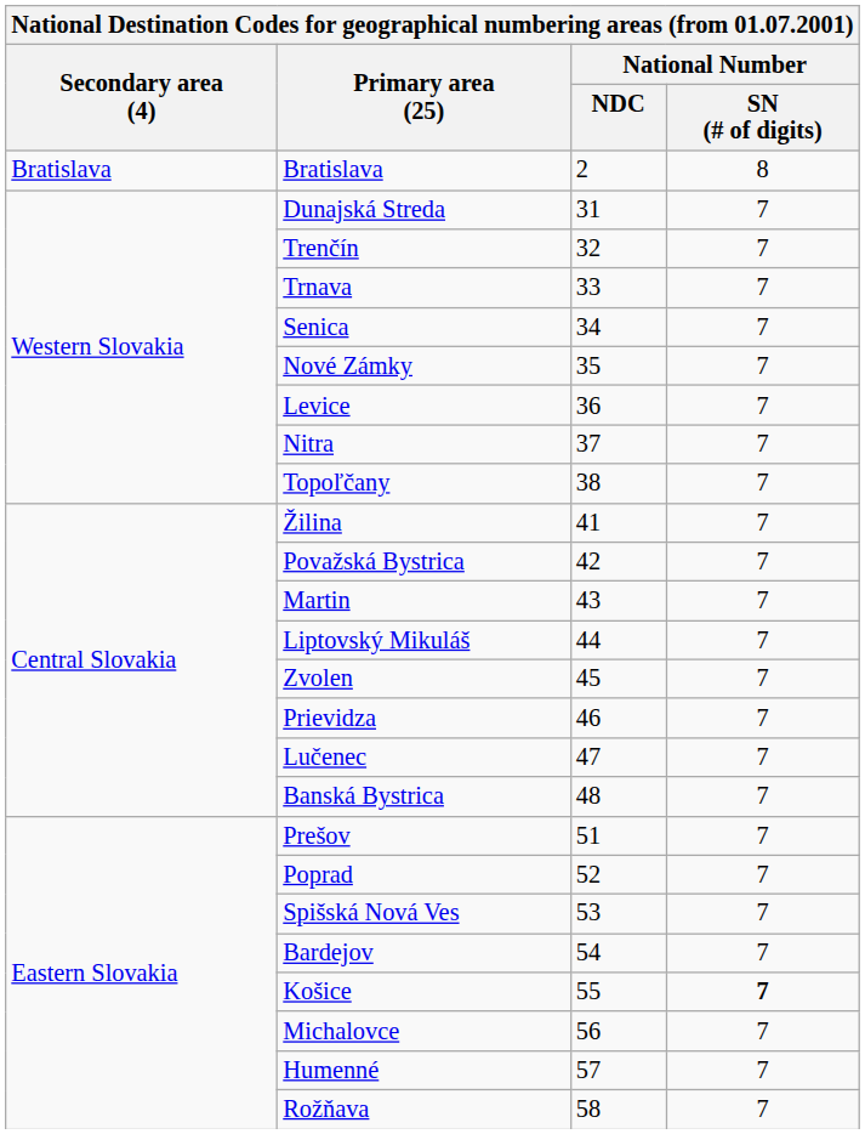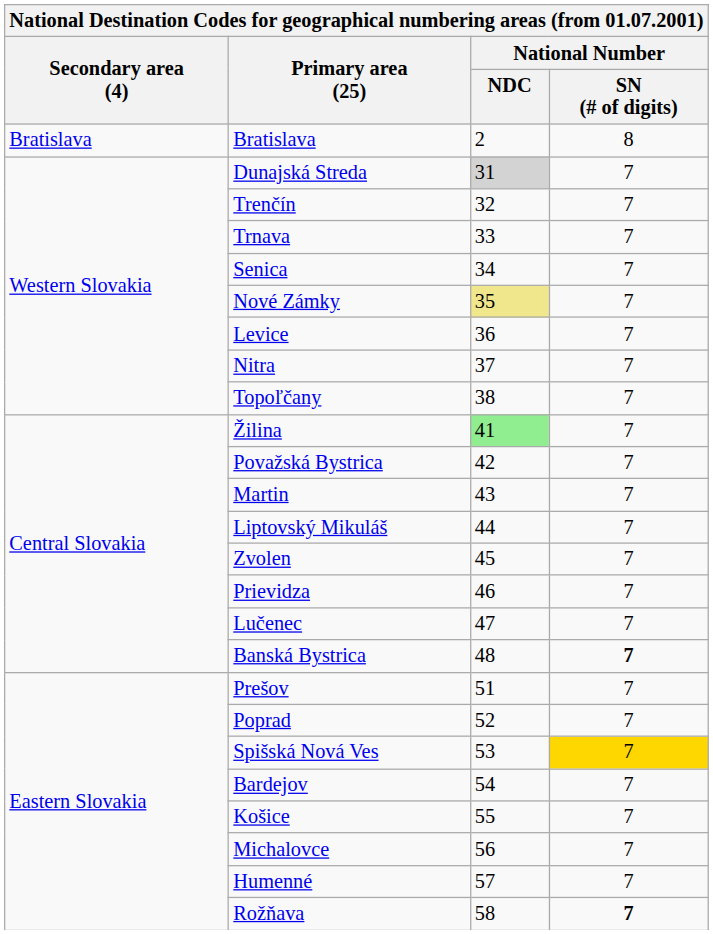 <table class="wikitable">
 <tr>
 <th colspan="4">National Destination Codes for geographical numbering areas (from 01.07.2001)</th>
 </tr>
 <tr>
 <th rowspan="2">Secondary area<br><span>(4)</span></th>
 <th rowspan="2">Primary area<br><span>(25)</span></th>
 <th colspan="2" align="center">National Number</th>
 </tr>
 <tr>
 <th>NDC<br> </th>
 <th>SN<br><span>(# of digits)</span></th>
 </tr>
 <tr>
 <td rowspan="1"><a href='#'>Bratislava</a></td>
 <td><a href='#'>Bratislava</a></td>
 <td>2</td>
 <td align="center">8</td>
 </tr>
 <tr>
 <td rowspan="8"><a href='#'>Western Slovakia</a></td>
 <td><a href='#'>Dunajská Streda</a></td>
-<td>31</td>
+<td style="background: lightgrey;">31</td>
 <td align="center">7</td>
 </tr>
 <tr>
 <td><a href='#'>Trenčín</a></td>
 <td>32</td>
 <td align="center">7</td>
 </tr>
 <tr>
 <td><a href='#'>Trnava</a></td>
 <td>33</td>
 <td align="center">7</td>
 </tr>
 <tr>
 <td><a href='#'>Senica</a></td>
 <td>34</td>
 <td align="center">7</td>
 </tr>
 <tr>
 <td><a href='#'>Nové Zámky</a></td>
-<td>35</td>
+<td style="background: khaki;">35</td>
 <td align="center">7</td>
 </tr>
 <tr>
 <td><a href='#'>Levice</a></td>
 <td>36</td>
 <td align="center">7</td>
 </tr>
 <tr>
 <td><a href='#'>Nitra</a></td>
 <td>37</td>
 <td align="center">7</td>
 </tr>
 <tr>
 <td><a href='#'>Topoľčany</a></td>
 <td>38</td>
 <td align="center">7</td>
 </tr>
 <tr>
 <td rowspan="8"><a href='#'>Central Slovakia</a></td>
 <td><a href='#'>Žilina</a></td>
-<td>41</td>
+<td style="background: lightgreen;">41</td>
 <td align="center">7</td>
 </tr>
 <tr>
 <td><a href='#'>Považská Bystrica</a></td>
 <td>42</td>
 <td align="center">7</td>
 </tr>
 <tr>
 <td><a href='#'>Martin</a></td>
 <td>43</td>
 <td align="center">7</td>
 </tr>
 <tr>
 <td><a href='#'>Liptovský Mikuláš</a></td>
 <td>44</td>
 <td align="center">7</td>
 </tr>
 <tr>
 <td><a href='#'>Zvolen</a></td>
 <td>45</td>
 <td align="center">7</td>
 </tr>
 <tr>
 <td><a href='#'>Prievidza</a></td>
 <td>46</td>
 <td align="center">7</td>
 </tr>
 <tr>
 <td><a href='#'>Lučenec</a></td>
 <td>47</td>
 <td align="center">7</td>
 </tr>
 <tr>
 <td><a href='#'>Banská Bystrica</a></td>
 <td>48</td>
-<td align="center">7</td>
+<td align="center"><strong>7</strong></td>
 </tr>
 <tr>
 <td rowspan="8"><a href='#'>Eastern Slovakia</a></td>
 <td><a href='#'>Prešov</a></td>
 <td>51</td>
 <td align="center">7</td>
 </tr>
 <tr>
 <td><a href='#'>Poprad</a></td>
 <td>52</td>
 <td align="center">7</td>
 </tr>
 <tr>
 <td><a href='#'>Spišská Nová Ves</a></td>
 <td>53</td>
-<td align="center">7</td>
+<td align="center" style="background: gold;">7</td>
 </tr>
 <tr>
 <td><a href='#'>Bardejov</a></td>
 <td>54</td>
 <td align="center">7</td>
 </tr>
 <tr>
 <td><a href='#'>Košice</a></td>
 <td>55</td>
-<td align="center"><strong>7</strong></td>
+<td align="center">7</td>
 </tr>
 <tr>
 <td><a href='#'>Michalovce</a></td>
 <td>56</td>
 <td align="center">7</td>
 </tr>
 <tr>
 <td><a href='#'>Humenné</a></td>
 <td>57</td>
 <td align="center">7</td>
 </tr>
 <tr>
 <td><a href='#'>Rožňava</a></td>
 <td>58</td>
-<td align="center">7</td>
+<td align="center"><strong>7</strong></td>
 </tr>
 </table>
